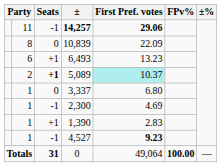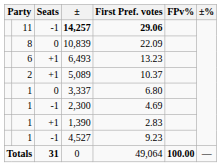 <table class=wikitable>
 <tr>
 <th colspan=2 align=center>Party</th>
 <th valign=top>Seats</th>
 <th valign=top>±</th>
 <th valign=top>First Pref. votes</th>
 <th valign=top>FPv%</th>
 <th valign=top>±%</th>
 </tr>
 <tr>
 <td></td>
 <td align=right>11</td>
 <td align=right>-1</td>
 <td align=right><strong>14,257</strong></td>
 <td align=right><strong>29.06</strong></td>
 <td align=right></td>
 </tr>
 <tr>
 <td></td>
 <td align=right>8</td>
 <td align=right>0</td>
 <td align=right>10,839</td>
 <td align=right>22.09</td>
 <td align=right></td>
 </tr>
 <tr>
 <td></td>
 <td align=right>6</td>
 <td align=right>+1</td>
 <td align=right>6,493</td>
 <td align=right>13.23</td>
 <td align=right></td>
 </tr>
 <tr>
 <td></td>
 <td align=right>2</td>
-<td align=right><strong>+1</strong></td>
+<td align=right>+1</td>
 <td align=right>5,089</td>
-<td align=right style="background: paleturquoise;">10.37</td>
+<td align=right>10.37</td>
 <td align=right></td>
 </tr>
 <tr>
 <td></td>
 <td align=right>1</td>
 <td align=right>0</td>
 <td align=right>3,337</td>
 <td align=right>6.80</td>
 <td align=right></td>
 </tr>
 <tr>
 <td></td>
 <td align=right>1</td>
 <td align=right>-1</td>
 <td align=right>2,300</td>
 <td align=right>4.69</td>
 <td align=right></td>
 </tr>
 <tr>
 <td></td>
 <td align=right>1</td>
 <td align=right>+1</td>
 <td align=right>1,390</td>
 <td align=right>2.83</td>
 <td align=right></td>
 </tr>
 <tr>
 <td></td>
 <td align=right>1</td>
 <td align=right>-1</td>
 <td align=right>4,527</td>
-<td align=right><strong>9.23</strong></td>
+<td align=right>9.23</td>
 <td align=right></td>
 </tr>
 <tr>
 <td colspan=2 align=center><strong>Totals</strong></td>
 <td align=right><strong>31</strong></td>
 <td align=center>0</td>
 <td align=right>49,064</td>
 <td align=center><strong>100.00</strong></td>
 <td align=center>—</td>
 </tr>
 </table>
